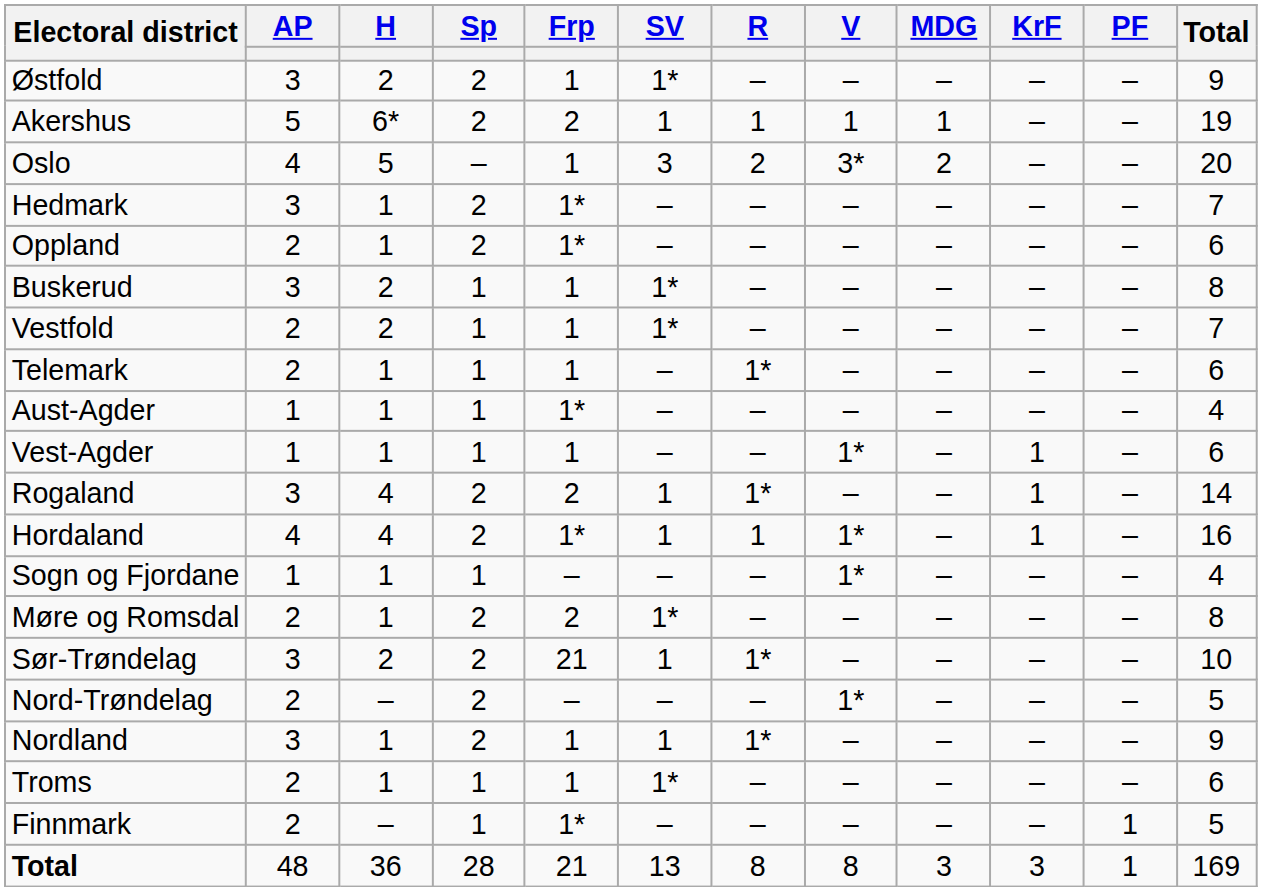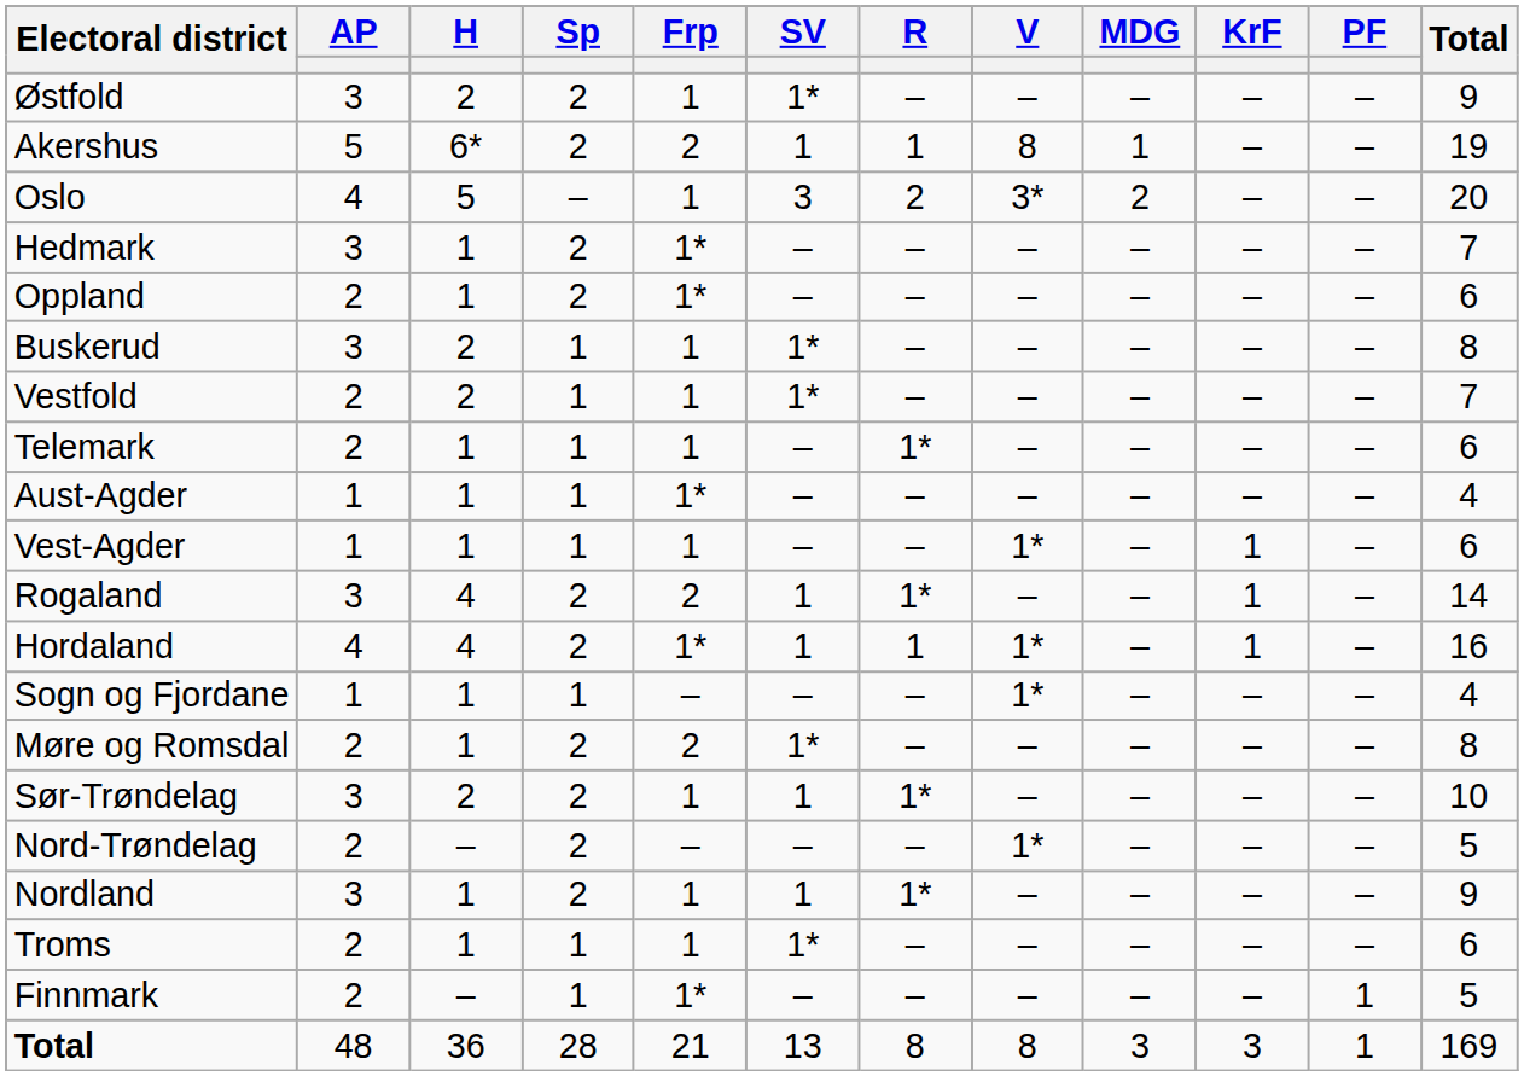 <table class="wikitable sortable" style="text-align:center;font-size:90%;line-height:14px">
 <tr>
 <th rowspan="2" class="wikitable sortable">Electoral district</th>
 <th class="wikitable sortable" style="width:40px;"><a href='#'>AP</a></th>
 <th class="wikitable sortable" style="width:40px;"><a href='#'>H</a></th>
 <th class="wikitable sortable" style="width:40px;"><a href='#'>Sp</a></th>
 <th class="wikitable sortable" style="width:40px;"><a href='#'>Frp</a></th>
 <th class="wikitable sortable" style="width:40px;"><a href='#'>SV</a></th>
 <th class="wikitable sortable" style="width:40px;"><a href='#'>R</a></th>
 <th class="wikitable sortable" style="width:40px;"><a href='#'>V</a></th>
 <th class="wikitable sortable" style="width:40px;"><a href='#'>MDG</a></th>
 <th class="wikitable sortable" style="width:40px;"><a href='#'>KrF</a></th>
 <th class="wikitable sortable" style="width:40px;"><a href='#'>PF</a></th>
 <th rowspan="2">Total</th>
 </tr>
 <tr>
 <th class="wikitable sortable" style="background:"></th>
 <th class="wikitable sortable" style="background:"></th>
 <th class="wikitable sortable" style="background:"></th>
 <th class="wikitable sortable" style="background:"></th>
 <th class="wikitable sortable" style="background:"></th>
 <th class="wikitable sortable" style="background:"></th>
 <th class="wikitable sortable" style="background:"></th>
 <th class="wikitable sortable" style="background:"></th>
 <th class="wikitable sortable" style="background:"></th>
 <th class="wikitable sortable" style="background:"></th>
 </tr>
 <tr>
 <td align="left">Østfold</td>
 <td>3</td>
 <td>2</td>
 <td>2</td>
 <td>1</td>
 <td>1*</td>
 <td>–</td>
 <td>–</td>
 <td>–</td>
 <td>–</td>
 <td>–</td>
 <td>9</td>
 </tr>
 <tr>
 <td align="left">Akershus</td>
 <td>5</td>
 <td>6*</td>
 <td>2</td>
 <td>2</td>
 <td>1</td>
 <td>1</td>
-<td>1</td>
+<td>8</td>
 <td>1</td>
 <td>–</td>
 <td>–</td>
 <td>19</td>
 </tr>
 <tr>
 <td align="left">Oslo</td>
 <td>4</td>
 <td>5</td>
 <td>–</td>
 <td>1</td>
 <td>3</td>
 <td>2</td>
 <td>3*</td>
 <td>2</td>
 <td>–</td>
 <td>–</td>
 <td>20</td>
 </tr>
 <tr>
 <td align="left">Hedmark</td>
 <td>3</td>
 <td>1</td>
 <td>2</td>
 <td>1*</td>
 <td>–</td>
 <td>–</td>
 <td>–</td>
 <td>–</td>
 <td>–</td>
 <td>–</td>
 <td>7</td>
 </tr>
 <tr>
 <td align="left">Oppland</td>
 <td>2</td>
 <td>1</td>
 <td>2</td>
 <td>1*</td>
 <td>–</td>
 <td>–</td>
 <td>–</td>
 <td>–</td>
 <td>–</td>
 <td>–</td>
 <td>6</td>
 </tr>
 <tr>
 <td align="left">Buskerud</td>
 <td>3</td>
 <td>2</td>
 <td>1</td>
 <td>1</td>
 <td>1*</td>
 <td>–</td>
 <td>–</td>
 <td>–</td>
 <td>–</td>
 <td>–</td>
 <td>8</td>
 </tr>
 <tr>
 <td align="left">Vestfold</td>
 <td>2</td>
 <td>2</td>
 <td>1</td>
 <td>1</td>
 <td>1*</td>
 <td>–</td>
 <td>–</td>
 <td>–</td>
 <td>–</td>
 <td>–</td>
 <td>7</td>
 </tr>
 <tr>
 <td align="left">Telemark</td>
 <td>2</td>
 <td>1</td>
 <td>1</td>
 <td>1</td>
 <td>–</td>
 <td>1*</td>
 <td>–</td>
 <td>–</td>
 <td>–</td>
 <td>–</td>
 <td>6</td>
 </tr>
 <tr>
 <td align="left">Aust-Agder</td>
 <td>1</td>
 <td>1</td>
 <td>1</td>
 <td>1*</td>
 <td>–</td>
 <td>–</td>
 <td>–</td>
 <td>–</td>
 <td>–</td>
 <td>–</td>
 <td>4</td>
 </tr>
 <tr>
 <td align="left">Vest-Agder</td>
 <td>1</td>
 <td>1</td>
 <td>1</td>
 <td>1</td>
 <td>–</td>
 <td>–</td>
 <td>1*</td>
 <td>–</td>
 <td>1</td>
 <td>–</td>
 <td>6</td>
 </tr>
 <tr>
 <td align="left">Rogaland</td>
 <td>3</td>
 <td>4</td>
 <td>2</td>
 <td>2</td>
 <td>1</td>
 <td>1*</td>
 <td>–</td>
 <td>–</td>
 <td>1</td>
 <td>–</td>
 <td>14</td>
 </tr>
 <tr>
 <td align="left">Hordaland</td>
 <td>4</td>
 <td>4</td>
 <td>2</td>
 <td>1*</td>
 <td>1</td>
 <td>1</td>
 <td>1*</td>
 <td>–</td>
 <td>1</td>
 <td>–</td>
 <td>16</td>
 </tr>
 <tr>
 <td align="left">Sogn og Fjordane</td>
 <td>1</td>
 <td>1</td>
 <td>1</td>
 <td>–</td>
 <td>–</td>
 <td>–</td>
 <td>1*</td>
 <td>–</td>
 <td>–</td>
 <td>–</td>
 <td>4</td>
 </tr>
 <tr>
 <td align="left">Møre og Romsdal</td>
 <td>2</td>
 <td>1</td>
 <td>2</td>
 <td>2</td>
 <td>1*</td>
 <td>–</td>
 <td>–</td>
 <td>–</td>
 <td>–</td>
 <td>–</td>
 <td>8</td>
 </tr>
 <tr>
 <td align="left">Sør-Trøndelag</td>
 <td>3</td>
 <td>2</td>
 <td>2</td>
-<td>21</td>
+<td>1</td>
 <td>1</td>
 <td>1*</td>
 <td>–</td>
 <td>–</td>
 <td>–</td>
 <td>–</td>
 <td>10</td>
 </tr>
 <tr>
 <td align="left">Nord-Trøndelag</td>
 <td>2</td>
 <td>–</td>
 <td>2</td>
 <td>–</td>
 <td>–</td>
 <td>–</td>
 <td>1*</td>
 <td>–</td>
 <td>–</td>
 <td>–</td>
 <td>5</td>
 </tr>
 <tr>
 <td align="left">Nordland</td>
 <td>3</td>
 <td>1</td>
 <td>2</td>
 <td>1</td>
 <td>1</td>
 <td>1*</td>
 <td>–</td>
 <td>–</td>
 <td>–</td>
 <td>–</td>
 <td>9</td>
 </tr>
 <tr>
 <td align="left">Troms</td>
 <td>2</td>
 <td>1</td>
 <td>1</td>
 <td>1</td>
 <td>1*</td>
 <td>–</td>
 <td>–</td>
 <td>–</td>
 <td>–</td>
 <td>–</td>
 <td>6</td>
 </tr>
 <tr>
 <td align="left">Finnmark</td>
 <td>2</td>
 <td>–</td>
 <td>1</td>
 <td>1*</td>
 <td>–</td>
 <td>–</td>
 <td>–</td>
 <td>–</td>
 <td>–</td>
 <td>1</td>
 <td>5</td>
 </tr>
 <tr class="sortbottom">
 <td align="left"><strong>Total</strong></td>
 <td>48</td>
 <td>36</td>
 <td>28</td>
 <td>21</td>
 <td>13</td>
 <td>8</td>
 <td>8</td>
 <td>3</td>
 <td>3</td>
 <td>1</td>
 <td>169</td>
 </tr>
 </table>
